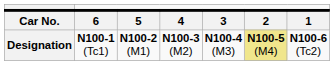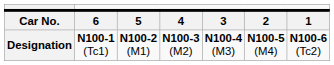 <table class="wikitable" style="text-align:center">
 <tr style="border-bottom:4px solid black">
 <th></th>
 <td colspan="6"></td>
 </tr>
 <tr>
 <th>Car No.</th>
 <th>6</th>
 <th>5</th>
 <th>4</th>
 <th>3</th>
 <th>2</th>
 <th>1</th>
 </tr>
 <tr>
 <th>Designation</th>
 <td><strong>N100-1</strong><br>(Tc1)</td>
 <td><strong>N100-2</strong><br>(M1)</td>
 <td><strong>N100-3</strong><br>(M2)</td>
 <td><strong>N100-4</strong><br>(M3)</td>
-<td style="background: khaki;"><strong>N100-5</strong><br>(M4)</td>
+<td><strong>N100-5</strong><br>(M4)</td>
 <td><strong>N100-6</strong><br>(Tc2)</td>
 </tr>
 </table>
